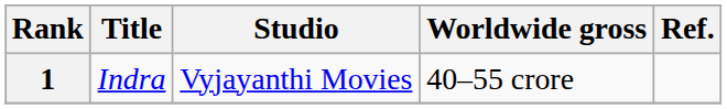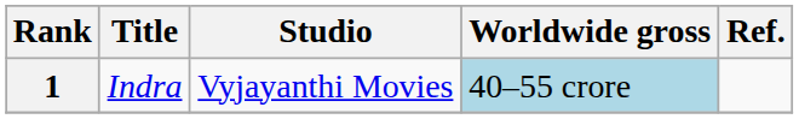 <table class="wikitable sortable"  style="margin:auto; margin:auto;">
 <tr>
 <th>Rank</th>
 <th>Title</th>
 <th>Studio</th>
 <th>Worldwide gross</th>
 <th>Ref.</th>
 </tr>
 <tr>
 <th style="text-align:center;">1</th>
 <td><a href='#'><em>Indra</em></a></td>
 <td><a href='#'>Vyjayanthi Movies</a></td>
-<td>40–55 crore</td>
+<td style="background: lightblue;">40–55 crore</td>
 <td></td>
 </tr>
 <tr>
 </tr>
 </table>
